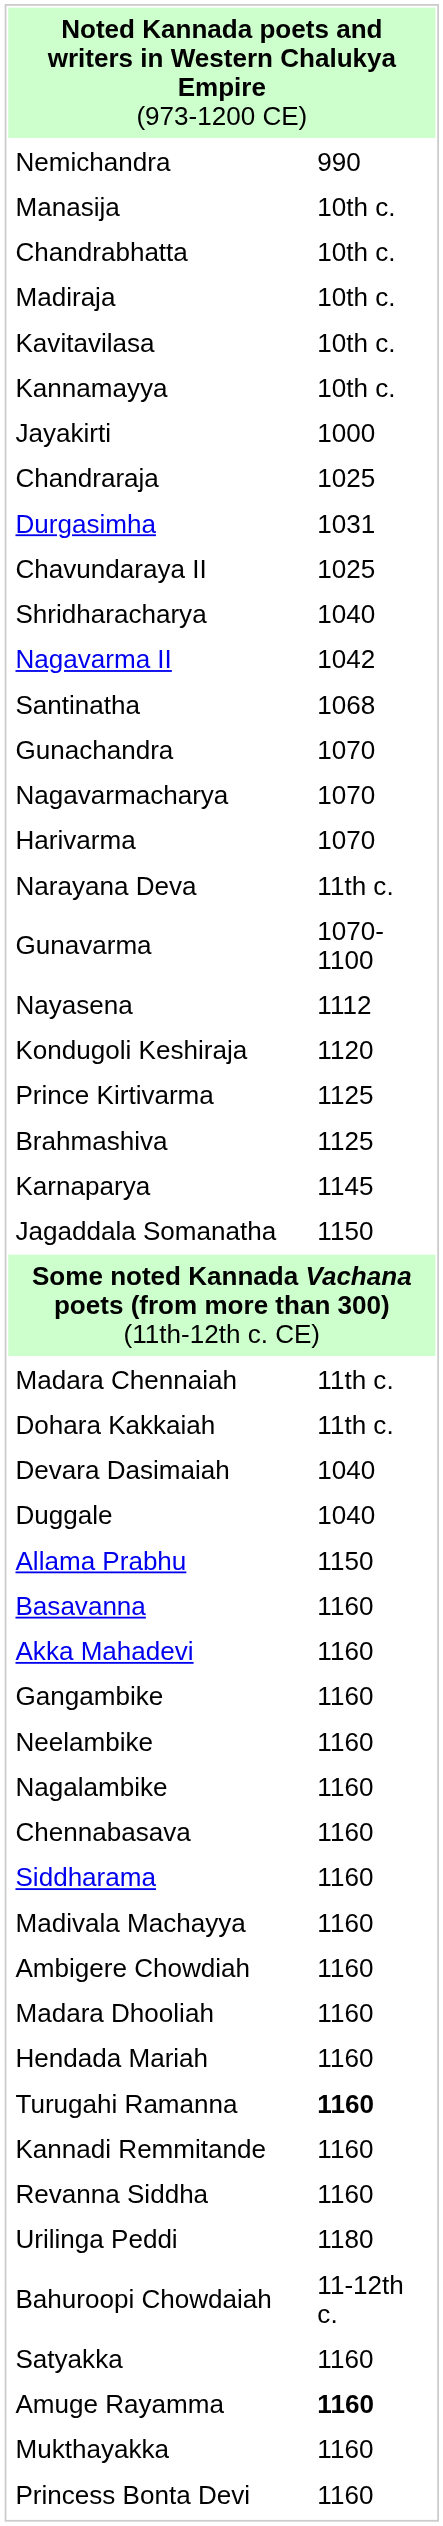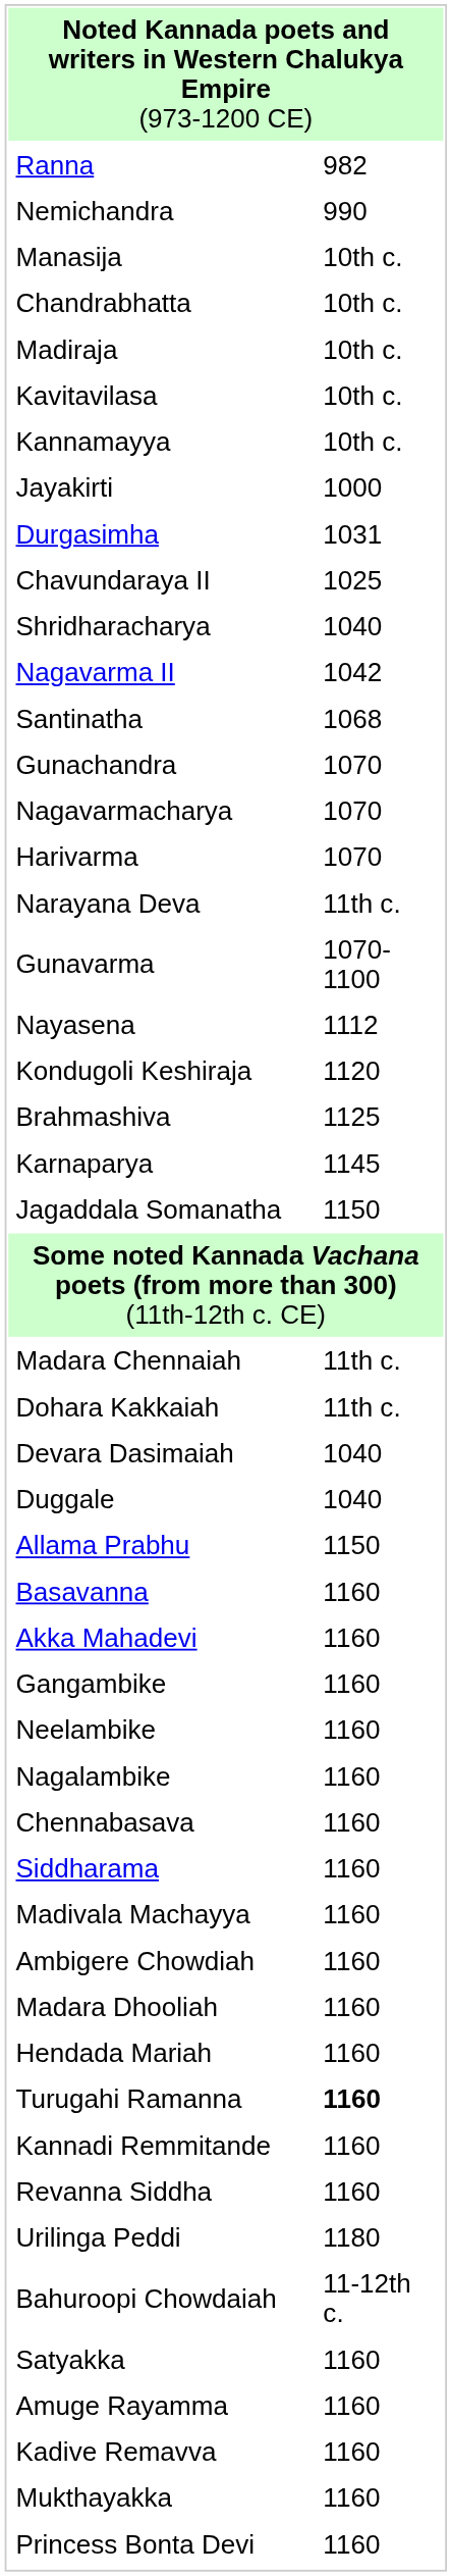 <table width="240" cellpadding="4" cellspacing="1" style="float: right; margin: 0 0 1em 1em; font-family: arial; font-size: 90%; background-color: ##CCFFCC; border: 1px solid #cccccc;">
 <tr>
 <td colspan="2" style="text-align:center;background-color:#CCFFCC"><strong>Noted Kannada poets and writers  in Western Chalukya Empire</strong><br> (973-1200 CE)</td>
+</tr>
+<tr>
+<td><a href='#'>Ranna</a></td>
+<td>982</td>
 </tr>
 <tr>
 <td>Nemichandra</td>
 <td>990</td>
 </tr>
 <tr>
 <td>Manasija</td>
 <td>10th c.</td>
 </tr>
 <tr>
 <td>Chandrabhatta</td>
 <td>10th c.</td>
 </tr>
 <tr>
 <td>Madiraja</td>
 <td>10th c.</td>
 </tr>
 <tr>
 <td>Kavitavilasa</td>
 <td>10th c.</td>
 </tr>
 <tr>
 <td>Kannamayya</td>
 <td>10th c.</td>
 </tr>
 <tr>
 <td>Jayakirti</td>
 <td>1000</td>
-</tr>
-<tr>
-<td>Chandraraja</td>
-<td>1025</td>
 </tr>
 <tr>
 <td><a href='#'>Durgasimha</a></td>
 <td>1031</td>
 </tr>
 <tr>
 <td>Chavundaraya II</td>
 <td>1025</td>
 </tr>
 <tr>
 <td>Shridharacharya</td>
 <td>1040</td>
 </tr>
 <tr>
 <td><a href='#'>Nagavarma II</a></td>
 <td>1042</td>
 </tr>
 <tr>
 <td>Santinatha</td>
 <td>1068</td>
 </tr>
 <tr>
 <td>Gunachandra</td>
 <td>1070</td>
 </tr>
 <tr>
 <td>Nagavarmacharya</td>
 <td>1070</td>
 </tr>
 <tr>
 <td>Harivarma</td>
 <td>1070</td>
 </tr>
 <tr>
 <td>Narayana Deva</td>
 <td>11th c.</td>
 </tr>
 <tr>
 <td>Gunavarma</td>
 <td>1070-1100</td>
 </tr>
 <tr>
 <td>Nayasena</td>
 <td>1112</td>
 </tr>
 <tr>
 <td>Kondugoli Keshiraja</td>
 <td>1120</td>
-</tr>
-<tr>
-<td>Prince Kirtivarma</td>
-<td>1125</td>
 </tr>
 <tr>
 <td>Brahmashiva</td>
 <td>1125</td>
 </tr>
 <tr>
 <td>Karnaparya</td>
 <td>1145</td>
 </tr>
 <tr>
 <td>Jagaddala Somanatha</td>
 <td>1150</td>
 </tr>
 <tr>
 <td colspan="2" style="text-align:center;background-color:#CCFFCC"><strong>Some noted Kannada <em>Vachana</em> poets (from more than 300)</strong><br> (11th-12th c. CE)</td>
 </tr>
 <tr>
 <td>Madara Chennaiah</td>
 <td>11th c.</td>
 </tr>
 <tr>
 <td>Dohara Kakkaiah</td>
 <td>11th c.</td>
 </tr>
 <tr>
 <td>Devara Dasimaiah</td>
 <td>1040</td>
 </tr>
 <tr>
 <td>Duggale</td>
 <td>1040</td>
 </tr>
 <tr>
 <td><a href='#'>Allama Prabhu</a></td>
 <td>1150</td>
 </tr>
 <tr>
 <td><a href='#'>Basavanna</a></td>
 <td>1160</td>
 </tr>
 <tr>
 <td><a href='#'>Akka Mahadevi</a></td>
 <td>1160</td>
 </tr>
 <tr>
 <td>Gangambike</td>
 <td>1160</td>
 </tr>
 <tr>
 <td>Neelambike</td>
 <td>1160</td>
 </tr>
 <tr>
 <td>Nagalambike</td>
 <td>1160</td>
 </tr>
 <tr>
 <td>Chennabasava</td>
 <td>1160</td>
 </tr>
 <tr>
 <td><a href='#'>Siddharama</a></td>
 <td>1160</td>
 </tr>
 <tr>
 <td>Madivala Machayya</td>
 <td>1160</td>
 </tr>
 <tr>
 <td>Ambigere Chowdiah</td>
 <td>1160</td>
 </tr>
 <tr>
 <td>Madara Dhooliah</td>
 <td>1160</td>
 </tr>
 <tr>
 <td>Hendada Mariah</td>
 <td>1160</td>
 </tr>
 <tr>
 <td>Turugahi Ramanna</td>
 <td><strong>1160</strong></td>
 </tr>
 <tr>
 <td>Kannadi Remmitande</td>
 <td>1160</td>
 </tr>
 <tr>
 <td>Revanna Siddha</td>
 <td>1160</td>
 </tr>
 <tr>
 <td>Urilinga Peddi</td>
 <td>1180</td>
 </tr>
 <tr>
 <td>Bahuroopi Chowdaiah</td>
 <td>11-12th c.</td>
 </tr>
 <tr>
 <td>Satyakka</td>
 <td>1160</td>
 </tr>
 <tr>
 <td>Amuge Rayamma</td>
-<td><strong>1160</strong></td>
+<td>1160</td>
+</tr>
+<tr>
+<td>Kadive Remavva</td>
+<td>1160</td>
 </tr>
 <tr>
 <td>Mukthayakka</td>
 <td>1160</td>
 </tr>
 <tr>
 <td>Princess Bonta Devi</td>
 <td>1160</td>
 </tr>
 <tr>
 </tr>
 </table>
